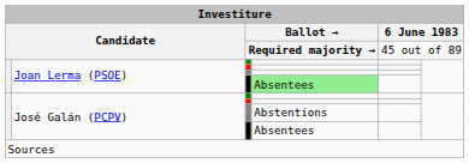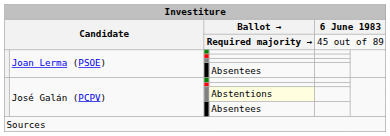 <table class="wikitable" style="text-align:center;">
 <tr>
 <td colspan="6" align="center" bgcolor="#C0C0C0"><strong>Investiture</strong></td>
 </tr>
 <tr>
 <th colspan="2" rowspan="2" width="275px">Candidate</th>
 <th colspan="2" width="150px">Ballot →</th>
 <th colspan="2">6 June 1983</th>
 </tr>
 <tr>
 <th colspan="2">Required majority →</th>
 <td colspan="2">45 out of 89</td>
 </tr>
 <tr>
 <th width="1px" rowspan="4" style="background:"></th>
 <td rowspan="4" align="left"><a href='#'>Joan Lerma</a> (<a href='#'>PSOE</a>)</td>
 <th width="1px" style="background:green;"></th>
 <td align="left"></td>
 <td></td>
 <td rowspan="4"></td>
 </tr>
 <tr>
 <th style="color:inherit;background:red;"></th>
 <td align="left"></td>
 <td></td>
 </tr>
 <tr>
 <th style="color:inherit;background:gray;"></th>
 <td align="left"></td>
 <td></td>
 </tr>
 <tr>
 <th style="color:inherit;background:black;"></th>
-<td align="left" style="background: lightgreen;"><span>Absentees</span></td>
+<td align="left"><span>Absentees</span></td>
 <td></td>
 </tr>
 <tr>
 <th rowspan="4" style="background:"></th>
 <td rowspan="4" align="left">José Galán (<a href='#'>PCPV</a>)</td>
 <th width="1px" style="background:green;"></th>
 <td align="left"></td>
 <td></td>
 <td rowspan="4"></td>
 </tr>
 <tr>
 <th style="color:inherit;background:red;"></th>
 <td align="left"></td>
 <td></td>
 </tr>
 <tr>
 <th style="color:inherit;background:gray;"></th>
-<td align="left"><span>Abstentions</span></td>
+<td align="left" style="background: lightyellow;"><span>Abstentions</span></td>
 <td></td>
 </tr>
 <tr>
 <th style="color:inherit;background:black;"></th>
 <td align="left"><span>Absentees</span></td>
 <td></td>
 </tr>
 <tr>
 <td align="left" colspan="6">Sources</td>
 </tr>
 </table>
